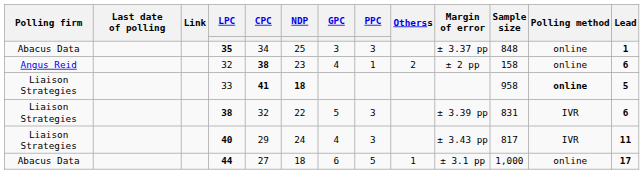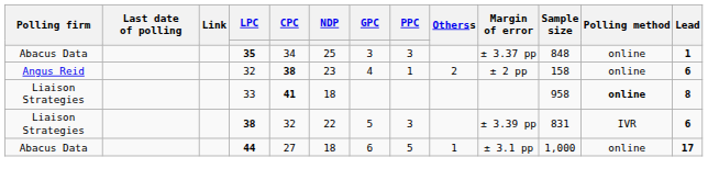 <table class="wikitable sortable mw-datatable" style="text-align:center;font-size:90%;line-height:14px;">
 <tr style="height:40px;">
 <th style="width:105px;" rowspan="2">Polling firm</th>
 <th style="width:105px;" rowspan="2">Last date<br>of polling</th>
 <th rowspan="2">Link</th>
 <th style="width:40px;"><a href='#'>LPC</a></th>
 <th style="width:40px;"><a href='#'>CPC</a></th>
 <th style="width:40px;"><a href='#'>NDP</a></th>
 <th style="width:40px;"><a href='#'>GPC</a></th>
 <th style="width:40px;"><a href='#'>PPC</a></th>
 <th rowspan="2" style="width:40px"><a href='#'>Others</a>s</th>
 <th rowspan="2">Margin<br>of error</th>
 <th rowspan="2">Sample<br>size</th>
 <th rowspan="2">Polling method</th>
 <th rowspan="2">Lead</th>
 </tr>
 <tr class="sorttop">
 <th style="background:"></th>
 <th style="background:"></th>
 <th style="background:"></th>
 <th style="background:"></th>
 <th style="background:"></th>
 </tr>
 <tr>
 <td>Abacus Data</td>
 <td></td>
 <td></td>
 <td><strong>35</strong></td>
 <td>34</td>
 <td>25</td>
 <td>3</td>
 <td>3</td>
 <td></td>
 <td>± 3.37 pp</td>
 <td>848</td>
 <td>online</td>
 <td><strong>1</strong></td>
 </tr>
 <tr>
 <td><a href='#'>Angus Reid</a></td>
 <td></td>
 <td></td>
 <td>32</td>
 <td><strong>38</strong></td>
 <td>23</td>
 <td>4</td>
 <td>1</td>
 <td>2</td>
 <td>± 2 pp</td>
 <td>158</td>
 <td>online</td>
 <td><strong>6</strong></td>
 </tr>
 <tr>
 <td>Liaison Strategies</td>
 <td></td>
 <td></td>
 <td>33</td>
 <td><strong>41</strong></td>
-<td><strong>18</strong></td>
+<td>18</td>
 <td></td>
 <td></td>
 <td></td>
 <td></td>
 <td>958</td>
 <td><strong>online</strong></td>
-<td><strong>5</strong></td>
+<td><strong>8</strong></td>
 </tr>
 <tr>
 <td>Liaison Strategies</td>
 <td></td>
 <td></td>
 <td><strong>38</strong></td>
 <td>32</td>
 <td>22</td>
 <td>5</td>
 <td>3</td>
 <td></td>
 <td>± 3.39 pp</td>
 <td>831</td>
 <td>IVR</td>
 <td><strong>6</strong></td>
 </tr>
 <tr>
-<td>Liaison Strategies</td>
-<td></td>
-<td></td>
-<td><strong>40</strong></td>
-<td>29</td>
-<td>24</td>
-<td>4</td>
-<td>3</td>
-<td></td>
-<td>± 3.43 pp</td>
-<td>817</td>
-<td>IVR</td>
-<td><strong>11</strong></td>
-</tr>
-<tr>
 <td>Abacus Data</td>
 <td></td>
 <td></td>
 <td><strong>44</strong></td>
 <td>27</td>
 <td>18</td>
 <td>6</td>
 <td>5</td>
 <td>1</td>
 <td>± 3.1 pp</td>
 <td>1,000</td>
 <td>online</td>
 <td><strong>17</strong></td>
 </tr>
 </table>
